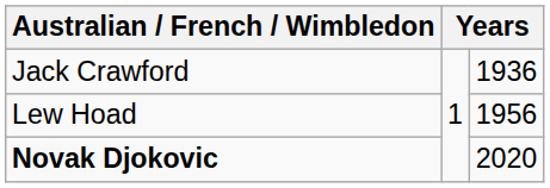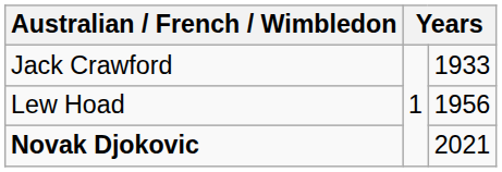 <table class=wikitable style="display:inline-table;">
 <tr>
 <th>Australian / French / Wimbledon</th>
 <th colspan=2>Years</th>
 </tr>
 <tr>
 <td> Jack Crawford</td>
 <td rowspan=3>1</td>
-<td>1936</td>
+<td>1933</td>
 </tr>
 <tr>
 <td> Lew Hoad</td>
 <td>1956</td>
 </tr>
 <tr>
 <td> <strong>Novak Djokovic</strong></td>
-<td>2020</td>
+<td>2021</td>
 </tr>
 </table>
